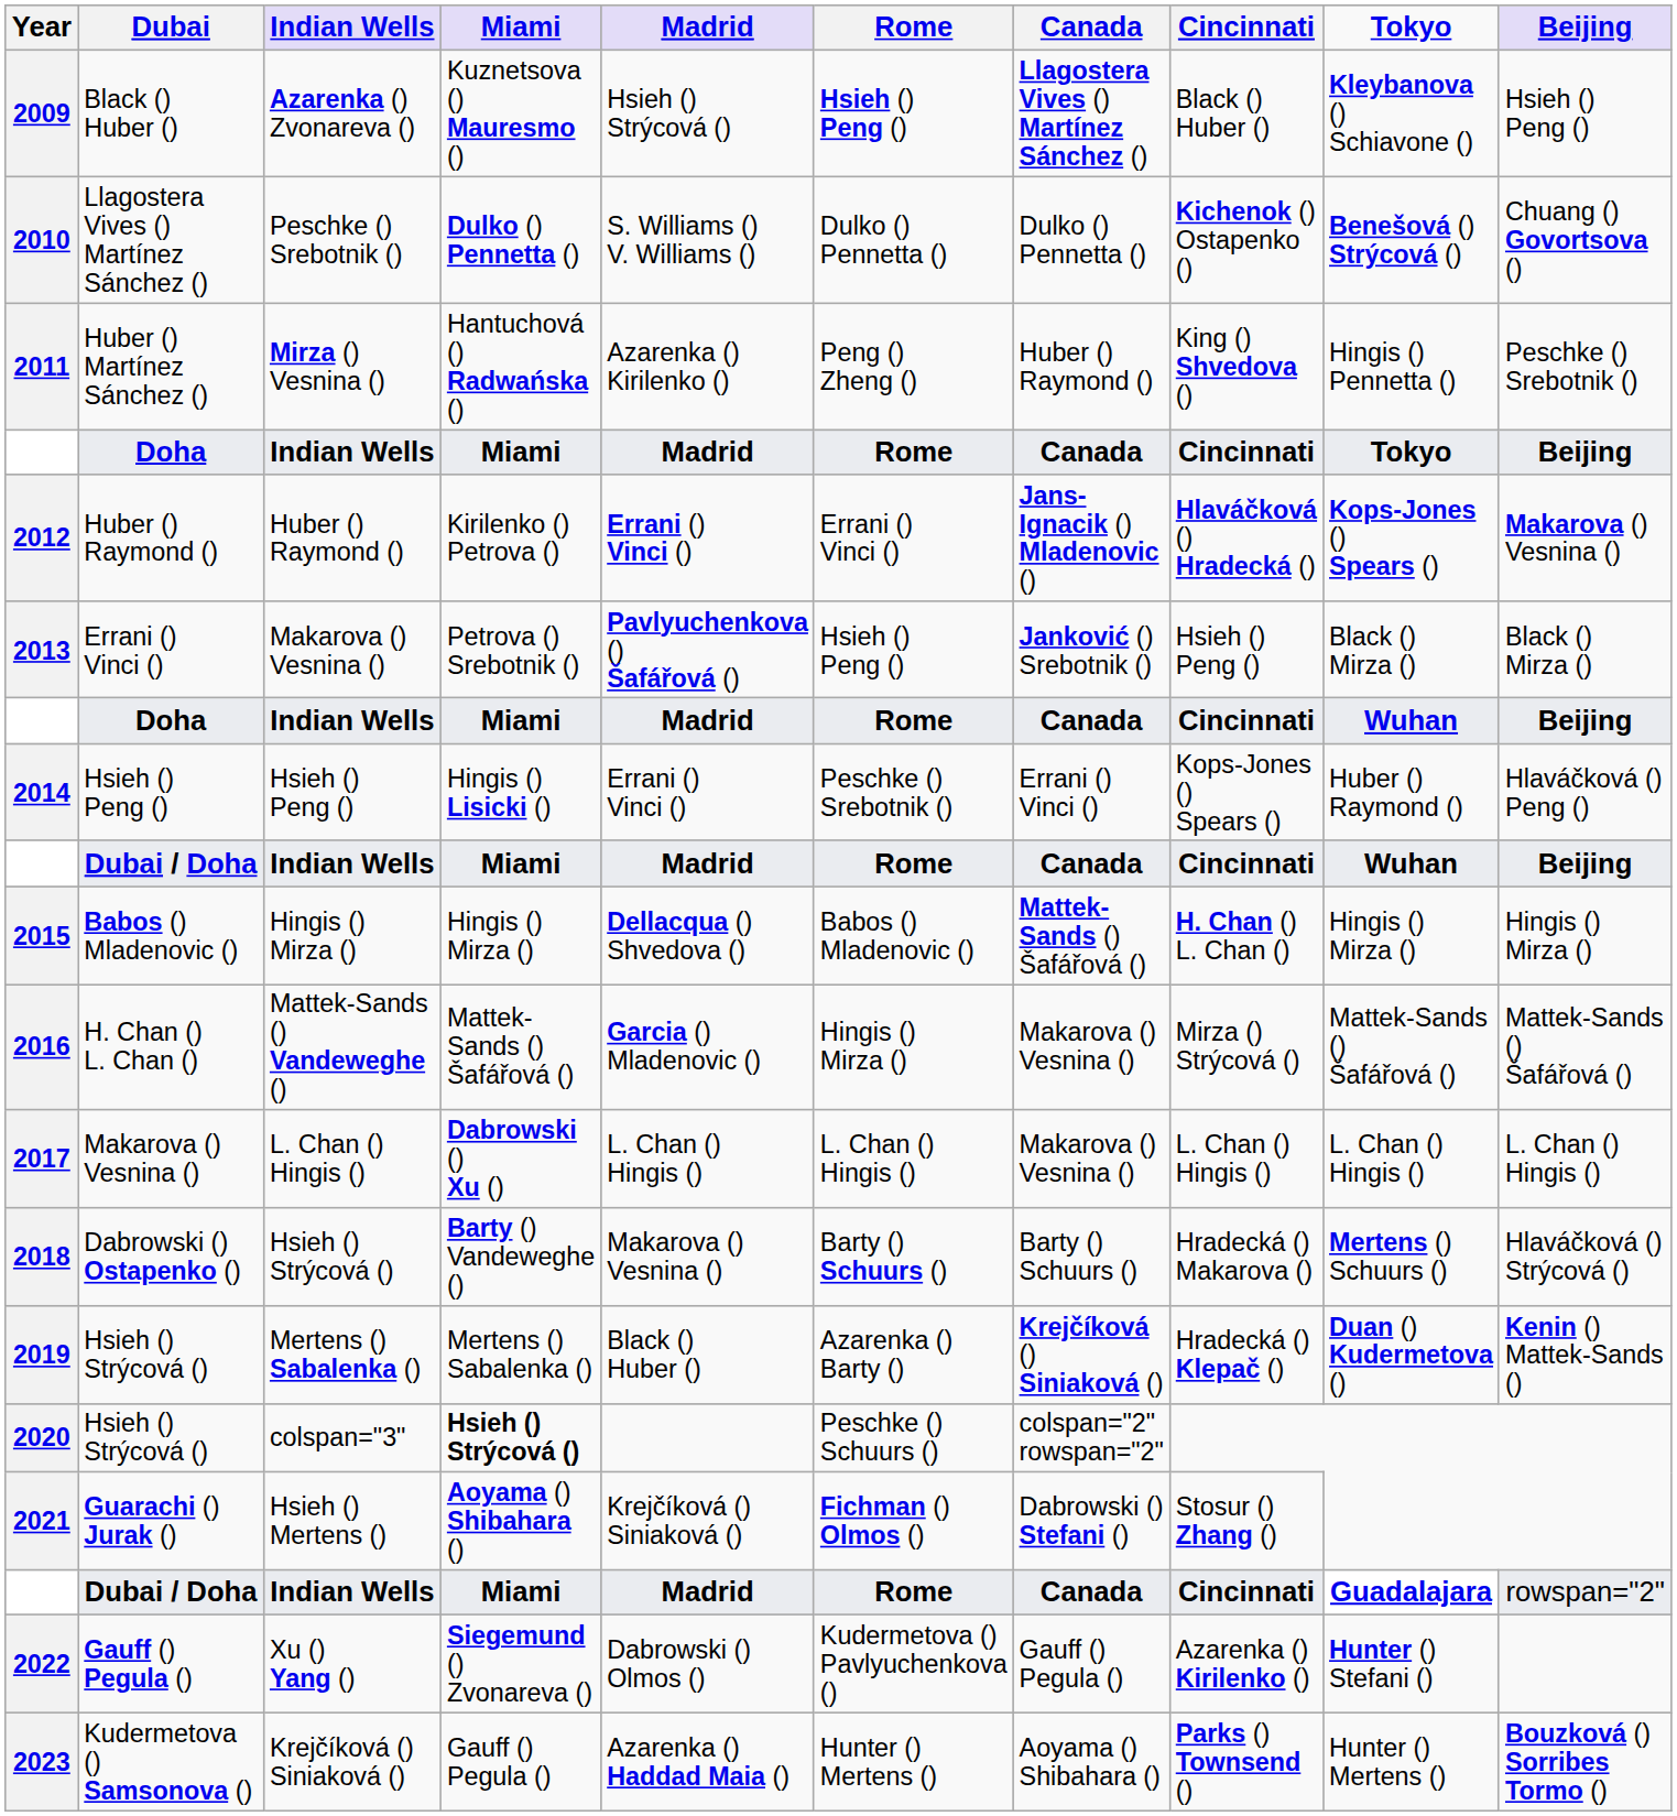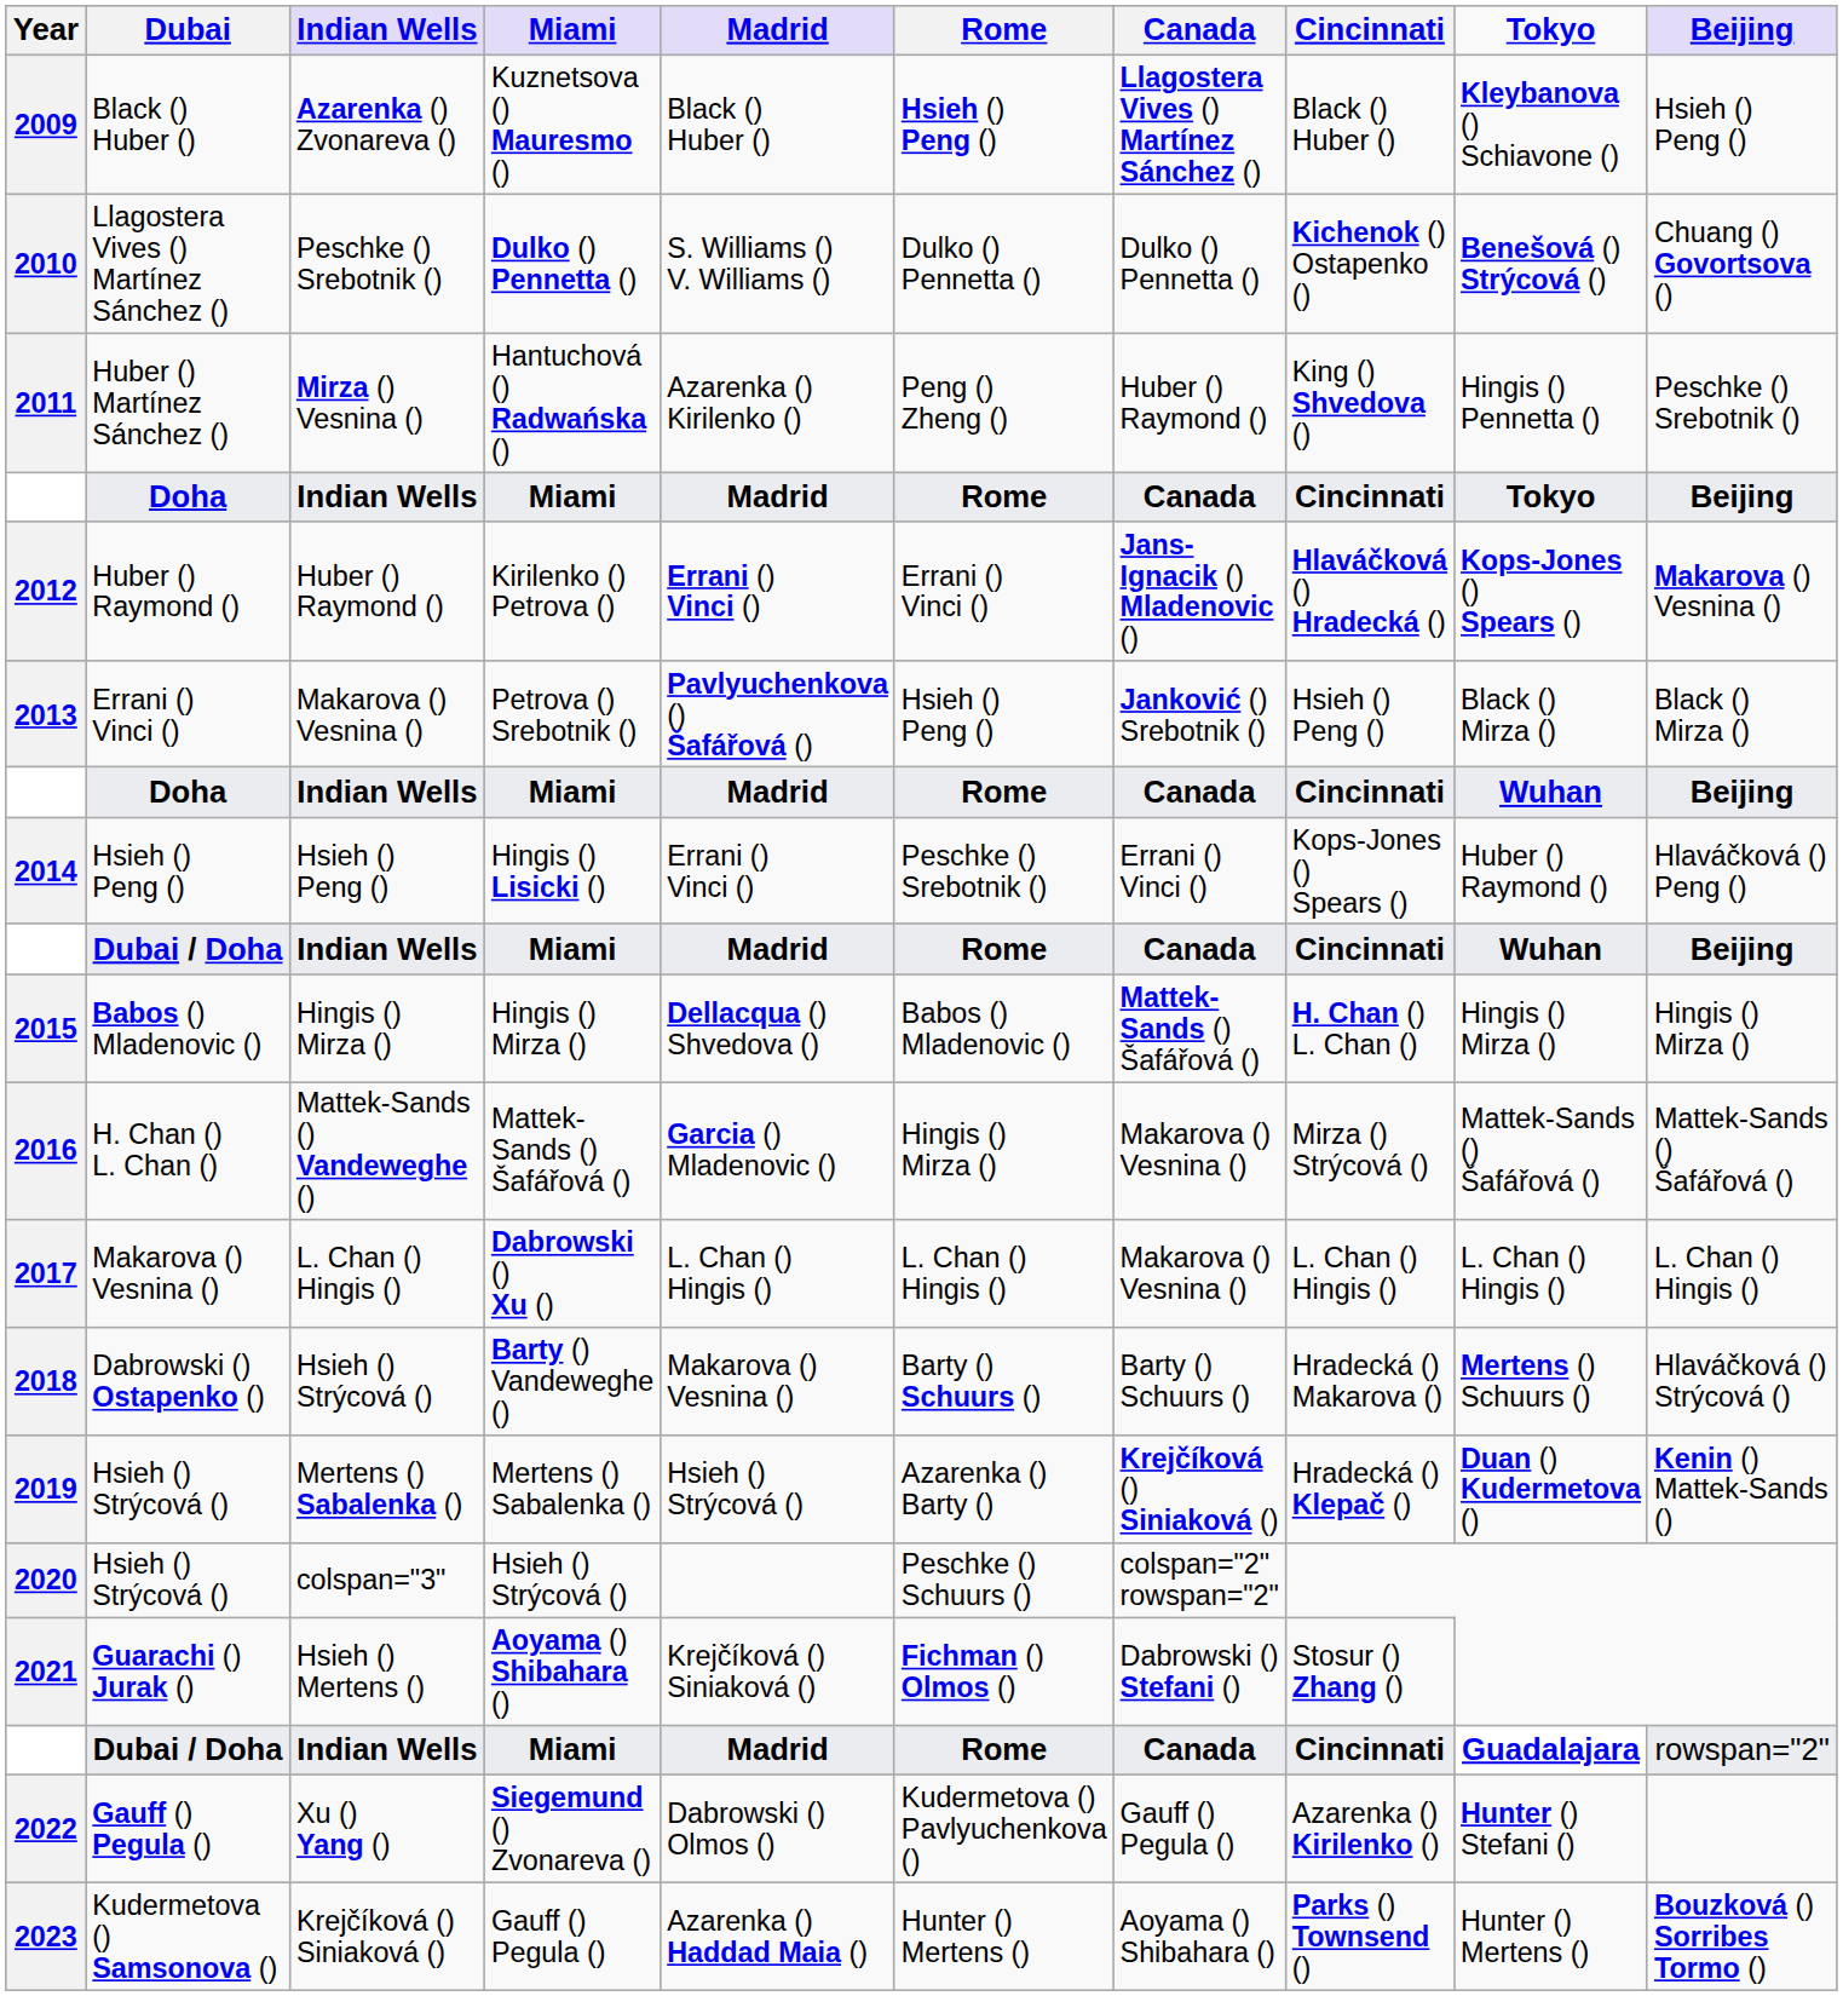 <table class="wikitable nowrap sticky-table-row1 sticky-table-col1" style="font-size:90%">
 <tr style="font-size:110%;">
 <th scope="col">Year</th>
 <th scope="col"><a href='#'><u>Dubai</u></a></th>
 <th scope="col" style="background-color:#e3dcf8;"><a href='#'>Indian Wells</a></th>
 <th scope="col" style="background-color:#e3dcf8;"><a href='#'>Miami</a></th>
 <th scope="col" style="background-color:#e3dcf8;"><a href='#'><u>Madrid</u></a></th>
 <th scope="col"><a href='#'>Rome</a></th>
 <th scope="col"><a href='#'>Canada</a></th>
 <th scope="col"><a href='#'><u>Cincinnati</u></a></th>
 <th scope="col" style="background:transparent"><a href='#'>Tokyo</a></th>
 <th scope="col" style="background-color:#e3dcf8;"><a href='#'><u>Beijing</u></a></th>
 </tr>
 <tr>
 <th scope="row"><a href='#'>2009</a><br></th>
 <td> Black () <br>  Huber ()</td>
 <td> <a href='#'><strong>Azarenka</strong></a> () <br>  Zvonareva ()</td>
 <td> Kuznetsova () <br>  <a href='#'><strong>Mauresmo</strong></a> ()</td>
-<td> Hsieh () <br>  Strýcová ()</td>
+<td> Black () <br>  Huber ()</td>
 <td> <a href='#'><strong>Hsieh</strong></a> () <br>  <a href='#'><strong>Peng</strong></a> ()</td>
 <td> <a href='#'><strong>Llagostera Vives</strong></a> () <br>  <a href='#'><strong>Martínez Sánchez</strong></a> ()</td>
 <td> Black () <br>  Huber ()</td>
 <td> <a href='#'><strong>Kleybanova</strong></a> () <br>  Schiavone ()</td>
 <td> Hsieh () <br>  Peng ()</td>
 </tr>
 <tr>
 <th scope="row"><a href='#'>2010</a><br></th>
 <td> Llagostera Vives () <br>  Martínez Sánchez ()</td>
 <td> Peschke () <br>  Srebotnik ()</td>
 <td> <a href='#'><strong>Dulko</strong></a> () <br>  <a href='#'><strong>Pennetta</strong></a> ()</td>
 <td> S. Williams () <br>  V. Williams ()</td>
 <td> Dulko () <br>  Pennetta ()</td>
 <td> Dulko () <br>  Pennetta ()</td>
 <td> <a href='#'><strong>Kichenok</strong></a> () <br>  Ostapenko ()</td>
 <td> <a href='#'><strong>Benešová</strong></a> () <br>  <a href='#'><strong>Strýcová</strong></a> ()</td>
 <td> Chuang () <br>  <a href='#'><strong>Govortsova</strong></a> ()</td>
 </tr>
 <tr>
 <th scope="row"><a href='#'>2011</a><br></th>
 <td> Huber () <br>  Martínez Sánchez ()</td>
 <td> <a href='#'><strong>Mirza</strong></a> () <br>  Vesnina ()</td>
 <td> Hantuchová () <br>  <a href='#'><strong>Radwańska</strong></a> ()</td>
 <td> Azarenka () <br>  Kirilenko ()</td>
 <td> Peng () <br>  Zheng ()</td>
 <td> Huber () <br>  Raymond ()</td>
 <td> King () <br>  <a href='#'><strong>Shvedova</strong></a> ()</td>
 <td> Hingis () <br>  Pennetta ()</td>
 <td> Peschke () <br>  Srebotnik ()</td>
 </tr>
 <tr style="background:#EAECF0; font-weight:bold; font-size:110%; text-align:center">
 <td style="background:#fff"></td>
 <td><a href='#'><u>Doha</u></a></td>
 <td>Indian Wells</td>
 <td>Miami</td>
 <td>Madrid</td>
 <td>Rome</td>
 <td>Canada</td>
 <td>Cincinnati</td>
 <td>Tokyo</td>
 <td>Beijing</td>
 </tr>
 <tr>
 <th scope="row"><a href='#'>2012</a><br></th>
 <td> Huber () <br>  Raymond ()</td>
 <td> Huber () <br>  Raymond ()</td>
 <td> Kirilenko () <br>  Petrova ()</td>
 <td> <a href='#'><strong>Errani</strong></a> () <br>  <a href='#'><strong>Vinci</strong></a> ()</td>
 <td> Errani () <br>  Vinci ()</td>
 <td> <a href='#'><strong>Jans-Ignacik</strong></a> () <br>  <a href='#'><strong>Mladenovic</strong></a> ()</td>
 <td> <a href='#'><strong>Hlaváčková</strong></a> () <br>  <a href='#'><strong>Hradecká</strong></a> ()</td>
 <td> <a href='#'><strong>Kops-Jones</strong></a> () <br>  <a href='#'><strong>Spears</strong></a> ()</td>
 <td> <a href='#'><strong>Makarova</strong></a> () <br>  Vesnina ()</td>
 </tr>
 <tr>
 <th scope="row"><a href='#'>2013</a><br></th>
 <td> Errani () <br>  Vinci ()</td>
 <td> Makarova () <br>  Vesnina ()</td>
 <td> Petrova () <br>  Srebotnik ()</td>
 <td> <a href='#'><strong>Pavlyuchenkova</strong></a> () <br>  <a href='#'><strong>Šafářová</strong></a> ()</td>
 <td> Hsieh () <br>  Peng ()</td>
 <td> <a href='#'><strong>Janković</strong></a> () <br>  Srebotnik ()</td>
 <td> Hsieh () <br>  Peng ()</td>
 <td> Black () <br>  Mirza ()</td>
 <td> Black () <br>  Mirza ()</td>
 </tr>
 <tr style="background:#EAECF0; font-weight:bold; font-size:110%; text-align:center">
 <td style="background:#fff"></td>
 <td>Doha</td>
 <td>Indian Wells</td>
 <td>Miami</td>
 <td>Madrid</td>
 <td>Rome</td>
 <td>Canada</td>
 <td>Cincinnati</td>
 <td><a href='#'><u>Wuhan</u></a></td>
 <td>Beijing</td>
 </tr>
 <tr>
 <th scope="row"><a href='#'>2014</a><br></th>
 <td> Hsieh () <br>  Peng ()</td>
 <td> Hsieh () <br>  Peng ()</td>
 <td> Hingis () <br>  <a href='#'><strong>Lisicki</strong></a> ()</td>
 <td> Errani () <br>  Vinci ()</td>
 <td> Peschke () <br>  Srebotnik ()</td>
 <td> Errani () <br>  Vinci ()</td>
 <td> Kops-Jones () <br>  Spears ()</td>
 <td> Huber () <br>  Raymond ()</td>
 <td> Hlaváčková () <br>  Peng ()</td>
 </tr>
 <tr style="background:#EAECF0; font-weight:bold; font-size:110%; text-align:center">
 <td style="background:#fff"></td>
 <td><a href='#'><u>Dubai</u></a> / <a href='#'>Doha</a></td>
 <td>Indian Wells</td>
 <td>Miami</td>
 <td>Madrid</td>
 <td>Rome</td>
 <td>Canada</td>
 <td>Cincinnati</td>
 <td>Wuhan</td>
 <td>Beijing</td>
 </tr>
 <tr>
 <th scope="row"><a href='#'>2015</a><br></th>
 <td> <a href='#'><strong>Babos</strong></a> () <br>  Mladenovic ()</td>
 <td> Hingis () <br>  Mirza ()</td>
 <td> Hingis () <br>  Mirza ()</td>
 <td> <a href='#'><strong>Dellacqua</strong></a> () <br>  Shvedova ()</td>
 <td> Babos () <br>  Mladenovic ()</td>
 <td> <a href='#'><strong>Mattek-Sands</strong></a> () <br>  Šafářová ()</td>
 <td> <a href='#'><strong>H. Chan</strong></a> () <br>  L. Chan ()</td>
 <td> Hingis () <br>  Mirza ()</td>
 <td> Hingis () <br>  Mirza ()</td>
 </tr>
 <tr>
 <th scope="row"><a href='#'>2016</a><br></th>
 <td> H. Chan () <br>  L. Chan ()</td>
 <td> Mattek-Sands () <br>  <a href='#'><strong>Vandeweghe</strong></a> ()</td>
 <td> Mattek-Sands () <br>  Šafářová ()</td>
 <td> <a href='#'><strong>Garcia</strong></a> () <br>  Mladenovic ()</td>
 <td> Hingis () <br>  Mirza ()</td>
 <td> Makarova () <br>  Vesnina ()</td>
 <td> Mirza () <br>  Strýcová ()</td>
 <td> Mattek-Sands () <br>  Šafářová ()</td>
 <td> Mattek-Sands () <br>  Šafářová ()</td>
 </tr>
 <tr>
 <th scope="row"><a href='#'>2017</a><br></th>
 <td> Makarova () <br>  Vesnina ()</td>
 <td> L. Chan () <br>  Hingis ()</td>
 <td> <a href='#'><strong>Dabrowski</strong></a> () <br>  <a href='#'><strong>Xu</strong></a> ()</td>
 <td> L. Chan () <br>  Hingis ()</td>
 <td> L. Chan () <br>  Hingis ()</td>
 <td> Makarova () <br>  Vesnina ()</td>
 <td> L. Chan () <br>  Hingis ()</td>
 <td> L. Chan () <br>  Hingis ()</td>
 <td> L. Chan () <br>  Hingis ()</td>
 </tr>
 <tr>
 <th scope="row"><a href='#'>2018</a><br></th>
 <td> Dabrowski () <br>  <a href='#'><strong>Ostapenko</strong></a> ()</td>
 <td> Hsieh () <br>  Strýcová ()</td>
 <td> <a href='#'><strong>Barty</strong></a> () <br>  Vandeweghe ()</td>
 <td> Makarova () <br>  Vesnina ()</td>
 <td> Barty () <br>  <a href='#'><strong>Schuurs</strong></a> ()</td>
 <td> Barty () <br>  Schuurs ()</td>
 <td> Hradecká () <br>  Makarova ()</td>
 <td> <a href='#'><strong>Mertens</strong></a> () <br>  Schuurs ()</td>
 <td> Hlaváčková () <br>  Strýcová ()</td>
 </tr>
 <tr>
 <th scope="row"><a href='#'>2019</a><br></th>
 <td> Hsieh () <br>  Strýcová ()</td>
 <td> Mertens () <br>  <a href='#'><strong>Sabalenka</strong></a> ()</td>
 <td> Mertens () <br>  Sabalenka ()</td>
-<td> Black () <br>  Huber ()</td>
+<td> Hsieh () <br>  Strýcová ()</td>
 <td> Azarenka () <br>  Barty ()</td>
 <td> <a href='#'><strong>Krejčíková</strong></a> () <br>  <a href='#'><strong>Siniaková</strong></a> ()</td>
 <td> Hradecká () <br>  <a href='#'><strong>Klepač</strong></a> ()</td>
 <td> <a href='#'><strong>Duan</strong></a> () <br>  <a href='#'><strong>Kudermetova</strong></a> ()</td>
 <td> <a href='#'><strong>Kenin</strong></a> () <br>  Mattek-Sands ()</td>
 </tr>
 <tr>
 <th scope="row"><a href='#'>2020</a><br></th>
 <td> Hsieh () <br>  Strýcová ()</td>
 <td>colspan="3" </td>
-<td><strong> Hsieh () <br>  Strýcová ()</strong></td>
+<td> Hsieh () <br>  Strýcová ()</td>
 <td></td>
 <td> Peschke () <br>  Schuurs ()</td>
 <td>colspan="2" rowspan="2" </td>
 </tr>
 <tr>
 <th scope="row"><a href='#'>2021</a><br></th>
 <td> <a href='#'><strong>Guarachi</strong></a> () <br>  <a href='#'><strong>Jurak</strong></a> ()</td>
 <td> Hsieh () <br>  Mertens ()</td>
 <td> <a href='#'><strong>Aoyama</strong></a> () <br>  <a href='#'><strong>Shibahara</strong></a> ()</td>
 <td> Krejčíková () <br>  Siniaková ()</td>
 <td> <a href='#'><strong>Fichman</strong></a> () <br>  <a href='#'><strong>Olmos</strong></a> ()</td>
 <td> Dabrowski () <br>  <a href='#'><strong>Stefani</strong></a> ()</td>
 <td> Stosur () <br>  <a href='#'><strong>Zhang</strong></a> ()</td>
 </tr>
 <tr style="background:#EAECF0; font-size:110%; text-align:center">
 <td style="background:#fff"></td>
 <td><strong>Dubai / Doha</strong></td>
 <td><strong>Indian Wells</strong></td>
 <td><strong>Miami</strong></td>
 <td><strong>Madrid</strong></td>
 <td><strong>Rome</strong></td>
 <td><strong>Canada</strong></td>
 <td><strong>Cincinnati</strong></td>
 <td style="background:#fff"><strong><a href='#'><u>Guadalajara</u></a></strong></td>
 <td>rowspan="2" </td>
 </tr>
 <tr>
 <th scope="row"><a href='#'>2022</a><br></th>
 <td> <a href='#'><strong>Gauff</strong></a> () <br>  <a href='#'><strong>Pegula</strong></a> ()</td>
 <td> Xu () <br>  <a href='#'><strong>Yang</strong></a> ()</td>
 <td> <a href='#'><strong>Siegemund</strong></a> () <br>  Zvonareva ()</td>
 <td> Dabrowski () <br>  Olmos ()</td>
 <td> Kudermetova () <br>  Pavlyuchenkova ()</td>
 <td> Gauff () <br>  Pegula ()</td>
 <td> Azarenka () <br>  <a href='#'><strong>Kirilenko</strong></a> ()</td>
 <td> <a href='#'><strong>Hunter</strong></a> () <br>  Stefani ()</td>
 </tr>
 <tr>
 <th scope="row"><a href='#'>2023</a><br></th>
 <td> Kudermetova () <br>  <a href='#'><strong>Samsonova</strong></a> ()</td>
 <td> Krejčíková () <br>  Siniaková ()</td>
 <td> Gauff () <br>  Pegula ()</td>
 <td> Azarenka () <br>  <a href='#'><strong>Haddad Maia</strong></a> ()</td>
 <td> Hunter () <br>  Mertens ()</td>
 <td> Aoyama () <br>  Shibahara ()</td>
 <td> <a href='#'><strong>Parks</strong></a> () <br>  <a href='#'><strong>Townsend</strong></a> ()</td>
 <td> Hunter () <br>  Mertens ()</td>
 <td> <a href='#'><strong>Bouzková</strong></a> () <br> <a href='#'><strong>Sorribes Tormo</strong></a> ()</td>
 </tr>
 </table>
